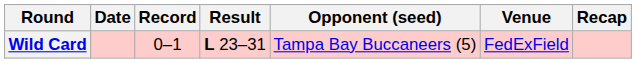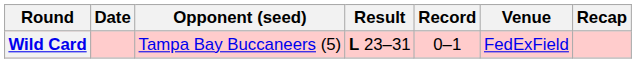 <table class="wikitable" style="text-align:center">
 <tr>
 <th>Round</th>
 <th>Date</th>
+<th>Opponent (seed)</th>
+<th>Result</th>
 <th>Record</th>
-<th>Result</th>
-<th>Opponent (seed)</th>
 <th>Venue</th>
 <th>Recap</th>
 </tr>
 <tr style="background:#fcc">
 <th><a href='#'>Wild Card</a></th>
 <td></td>
+<td><a href='#'>Tampa Bay Buccaneers</a> (5)</td>
+<td><strong>L</strong> 23–31</td>
 <td>0–1</td>
-<td><strong>L</strong> 23–31</td>
-<td><a href='#'>Tampa Bay Buccaneers</a> (5)</td>
 <td><a href='#'>FedExField</a></td>
 <td></td>
 </tr>
 </table>
